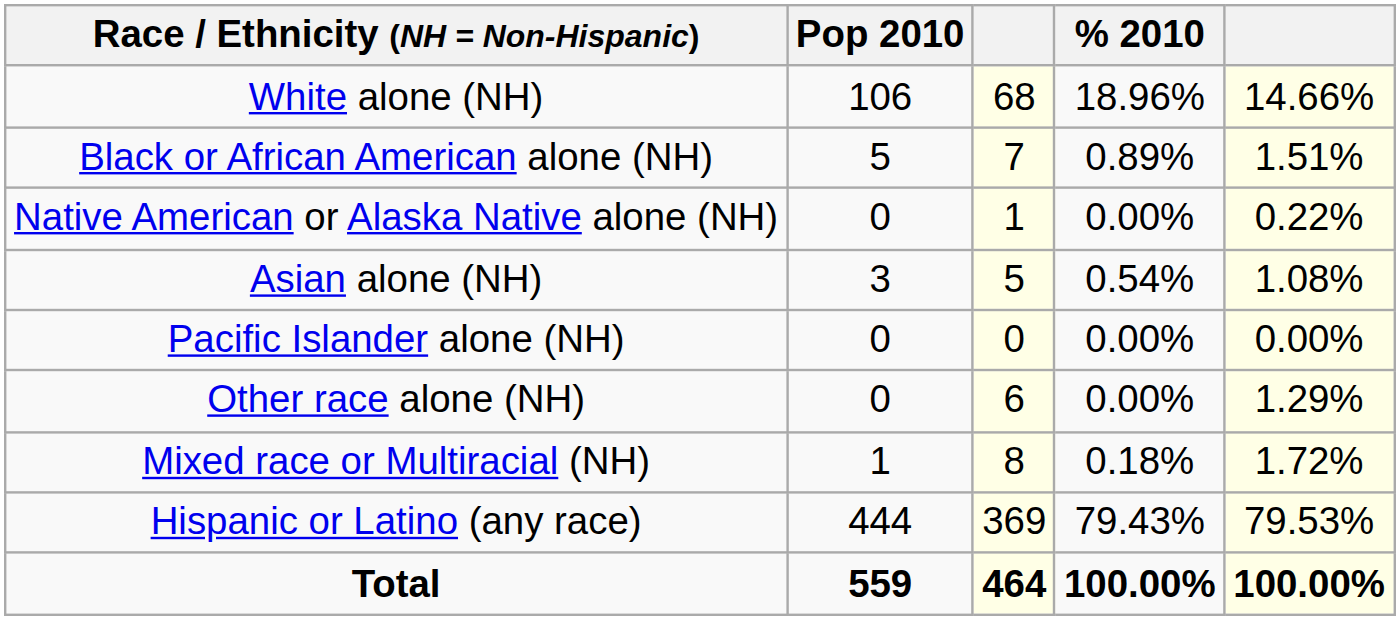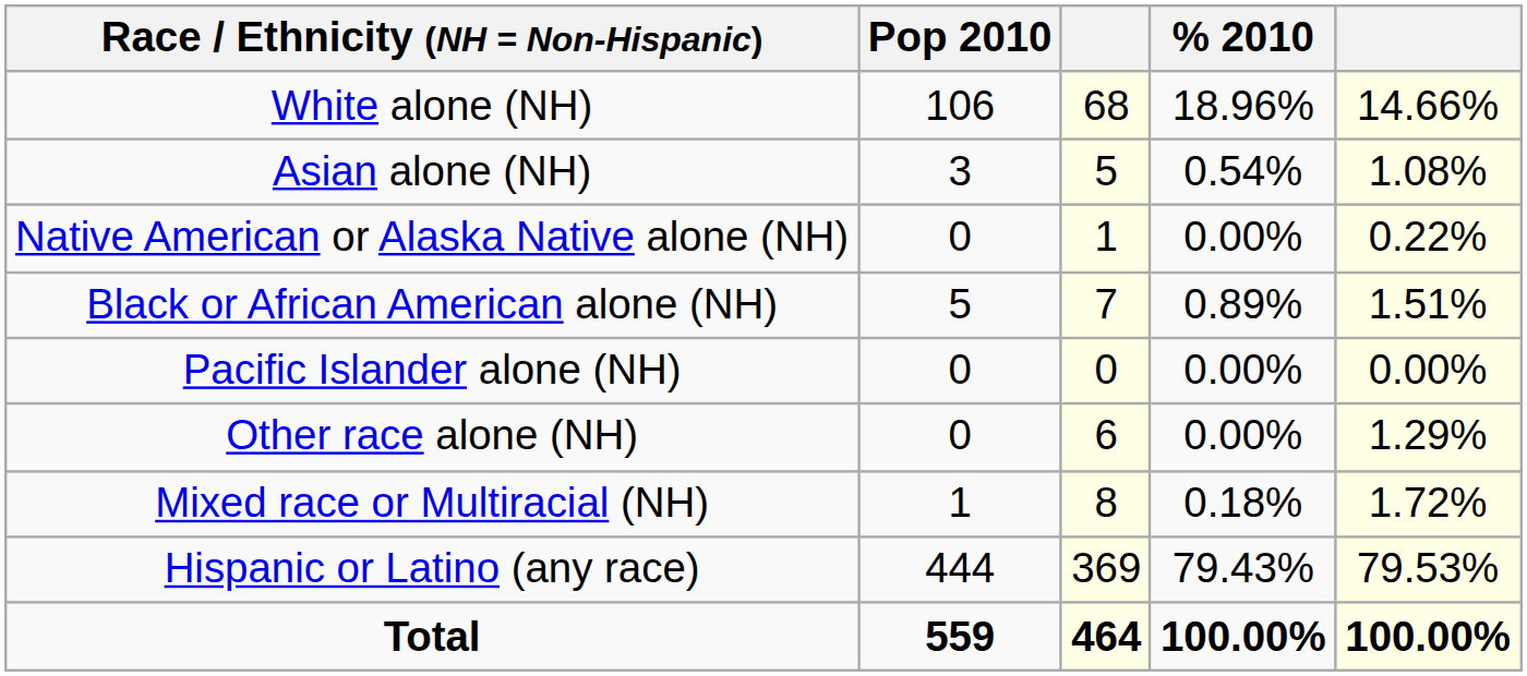 <table class="wikitable" style="text-align:center;">
 <tr>
 <th>Race / Ethnicity <small>(<em>NH = Non-Hispanic</em>)</small></th>
 <th>Pop 2010</th>
 <th></th>
 <th>% 2010</th>
 <th></th>
 </tr>
 <tr>
 <td><a href='#'>White</a> alone (NH)</td>
 <td>106</td>
 <td style='background: #ffffe6;'>68</td>
 <td>18.96%</td>
 <td style='background: #ffffe6;'>14.66%</td>
 </tr>
 <tr>
-<td><a href='#'>Black or African American</a> alone (NH)</td>
-<td>5</td>
-<td style='background: #ffffe6;'>7</td>
-<td>0.89%</td>
-<td style='background: #ffffe6;'>1.51%</td>
+<td><a href='#'>Asian</a> alone (NH)</td>
+<td>3</td>
+<td style='background: #ffffe6;'>5</td>
+<td>0.54%</td>
+<td style='background: #ffffe6;'>1.08%</td>
 </tr>
 <tr>
 <td><a href='#'>Native American</a> or <a href='#'>Alaska Native</a> alone (NH)</td>
 <td>0</td>
 <td style='background: #ffffe6;'>1</td>
 <td>0.00%</td>
 <td style='background: #ffffe6;'>0.22%</td>
 </tr>
 <tr>
-<td><a href='#'>Asian</a> alone (NH)</td>
-<td>3</td>
-<td style='background: #ffffe6;'>5</td>
-<td>0.54%</td>
-<td style='background: #ffffe6;'>1.08%</td>
+<td><a href='#'>Black or African American</a> alone (NH)</td>
+<td>5</td>
+<td style='background: #ffffe6;'>7</td>
+<td>0.89%</td>
+<td style='background: #ffffe6;'>1.51%</td>
 </tr>
 <tr>
 <td><a href='#'>Pacific Islander</a> alone (NH)</td>
 <td>0</td>
 <td style='background: #ffffe6;'>0</td>
 <td>0.00%</td>
 <td style='background: #ffffe6;'>0.00%</td>
 </tr>
 <tr>
 <td><a href='#'>Other race</a> alone (NH)</td>
 <td>0</td>
 <td style='background: #ffffe6;'>6</td>
 <td>0.00%</td>
 <td style='background: #ffffe6;'>1.29%</td>
 </tr>
 <tr>
 <td><a href='#'>Mixed race or Multiracial</a> (NH)</td>
 <td>1</td>
 <td style='background: #ffffe6;'>8</td>
 <td>0.18%</td>
 <td style='background: #ffffe6;'>1.72%</td>
 </tr>
 <tr>
 <td><a href='#'>Hispanic or Latino</a> (any race)</td>
 <td>444</td>
 <td style='background: #ffffe6;'>369</td>
 <td>79.43%</td>
 <td style='background: #ffffe6;'>79.53%</td>
 </tr>
 <tr>
 <td><strong>Total</strong></td>
 <td><strong>559</strong></td>
 <td style='background: #ffffe6;'><strong>464</strong></td>
 <td><strong>100.00%</strong></td>
 <td style='background: #ffffe6;'><strong>100.00%</strong></td>
 </tr>
 </table>
